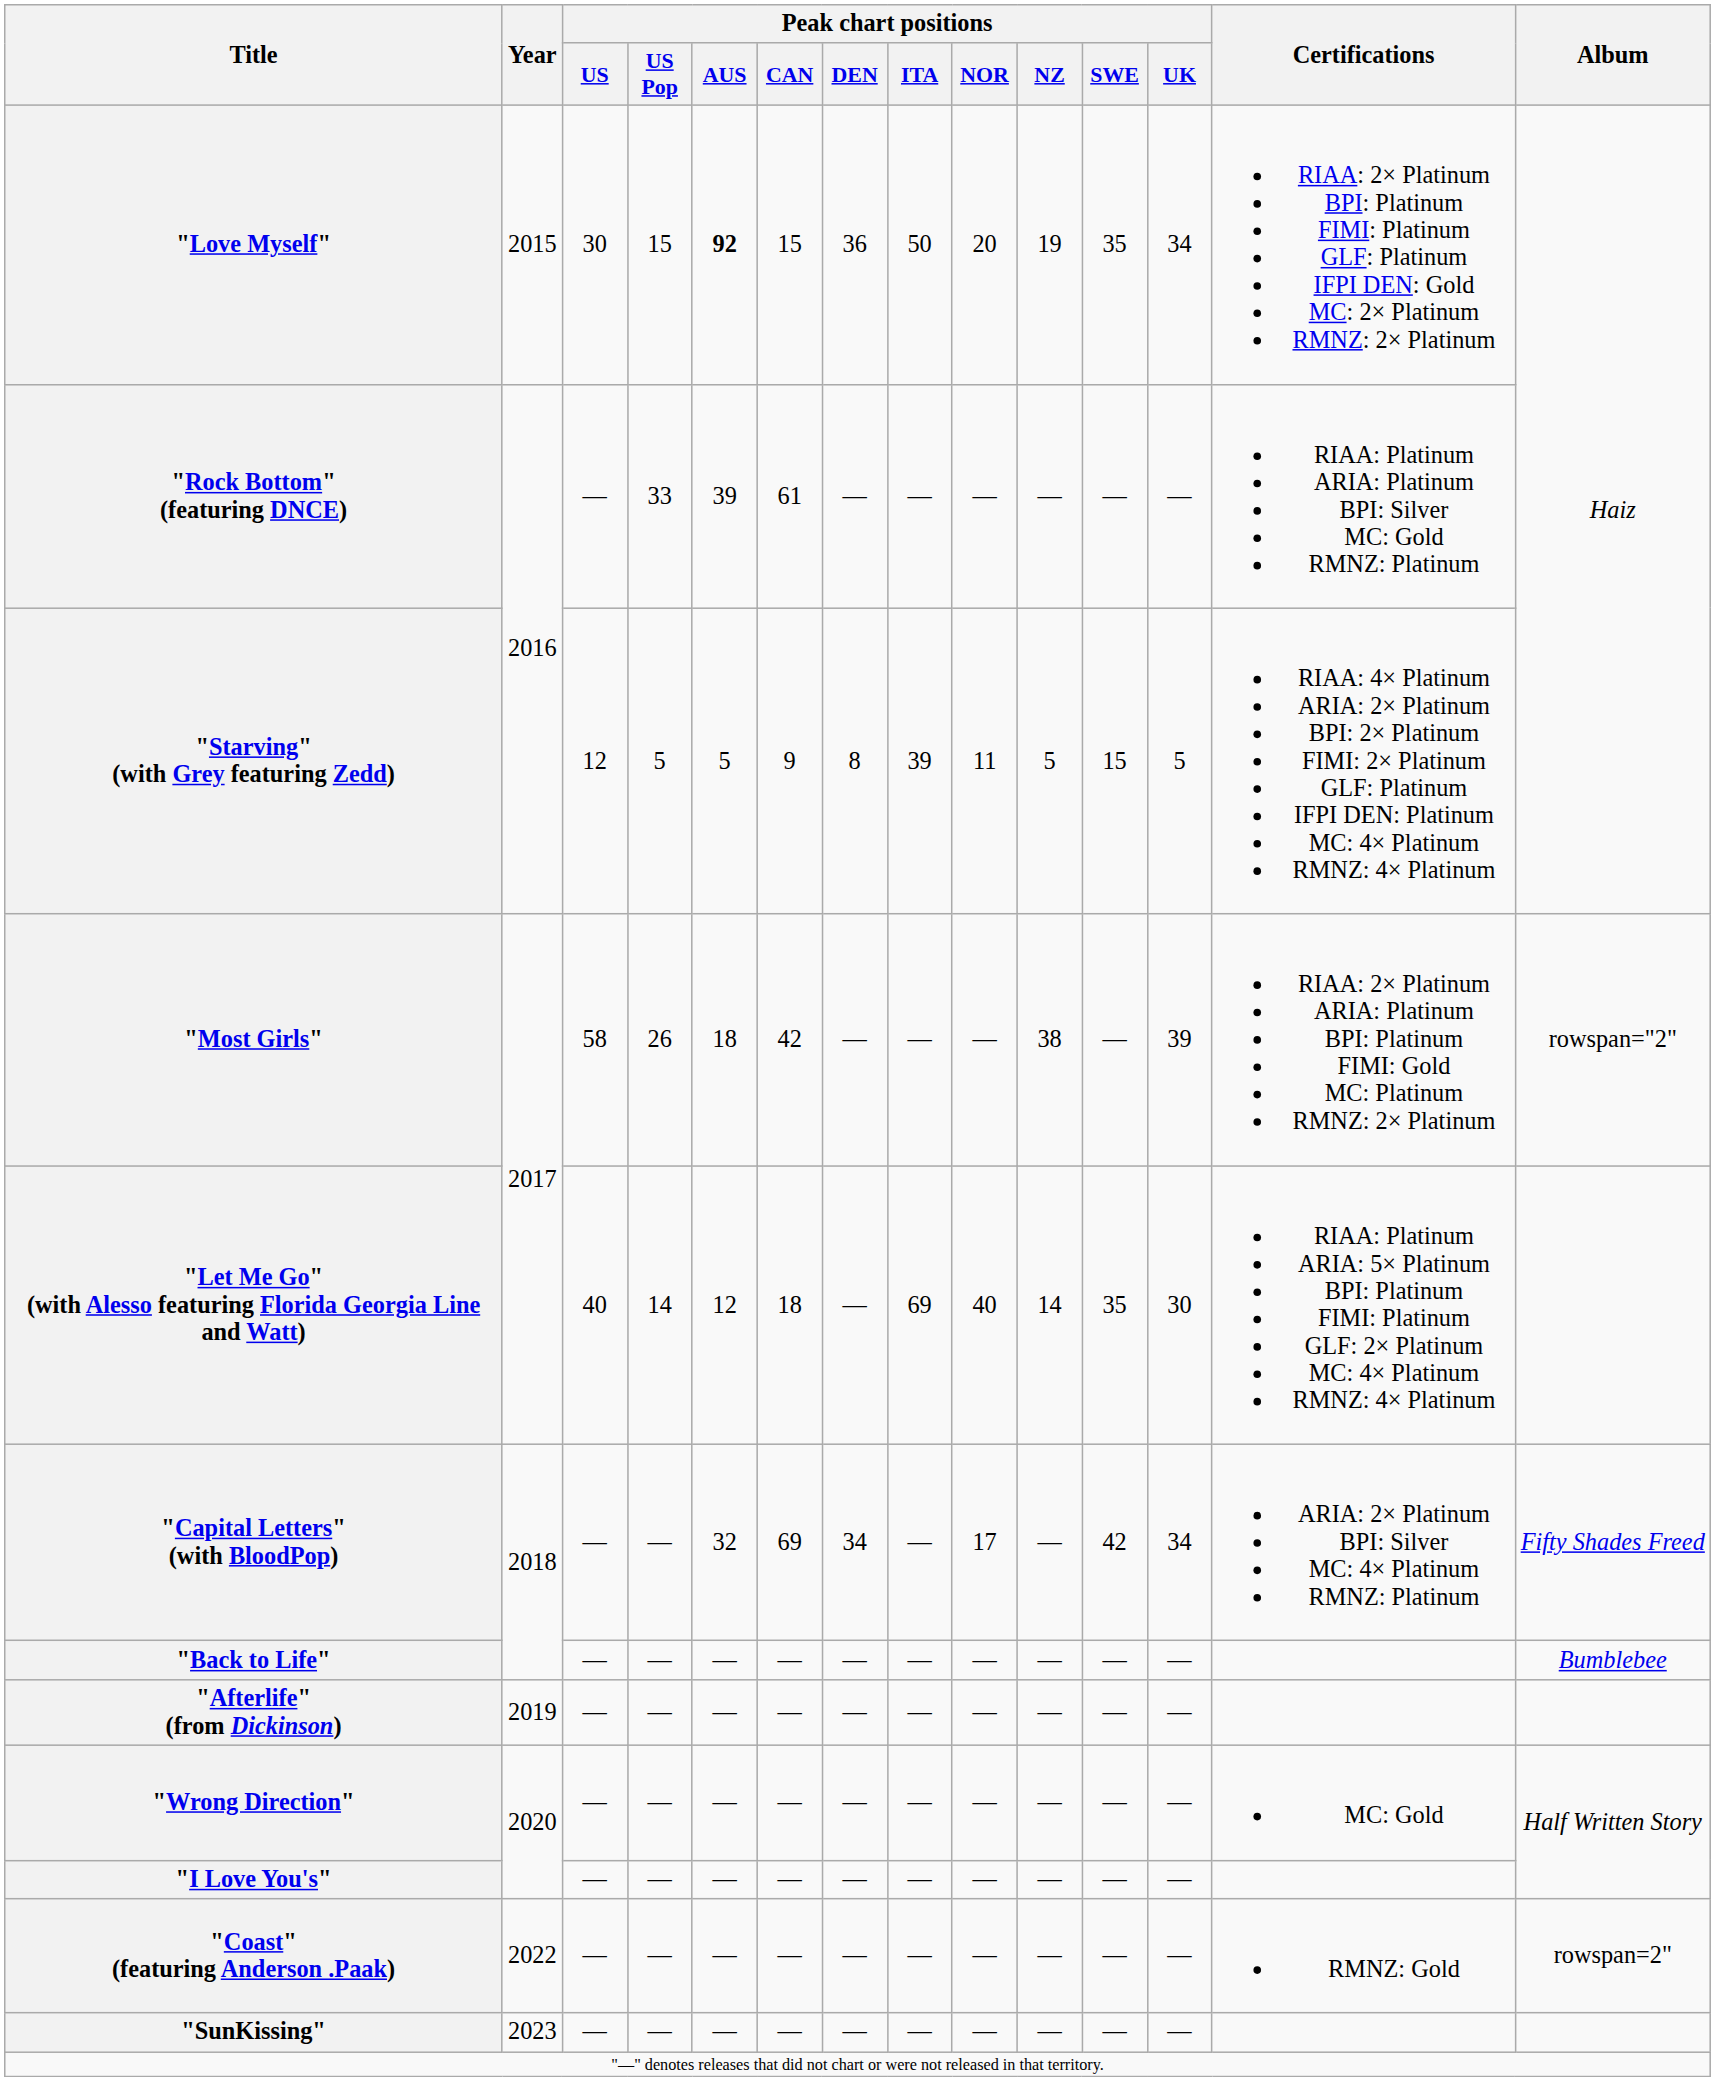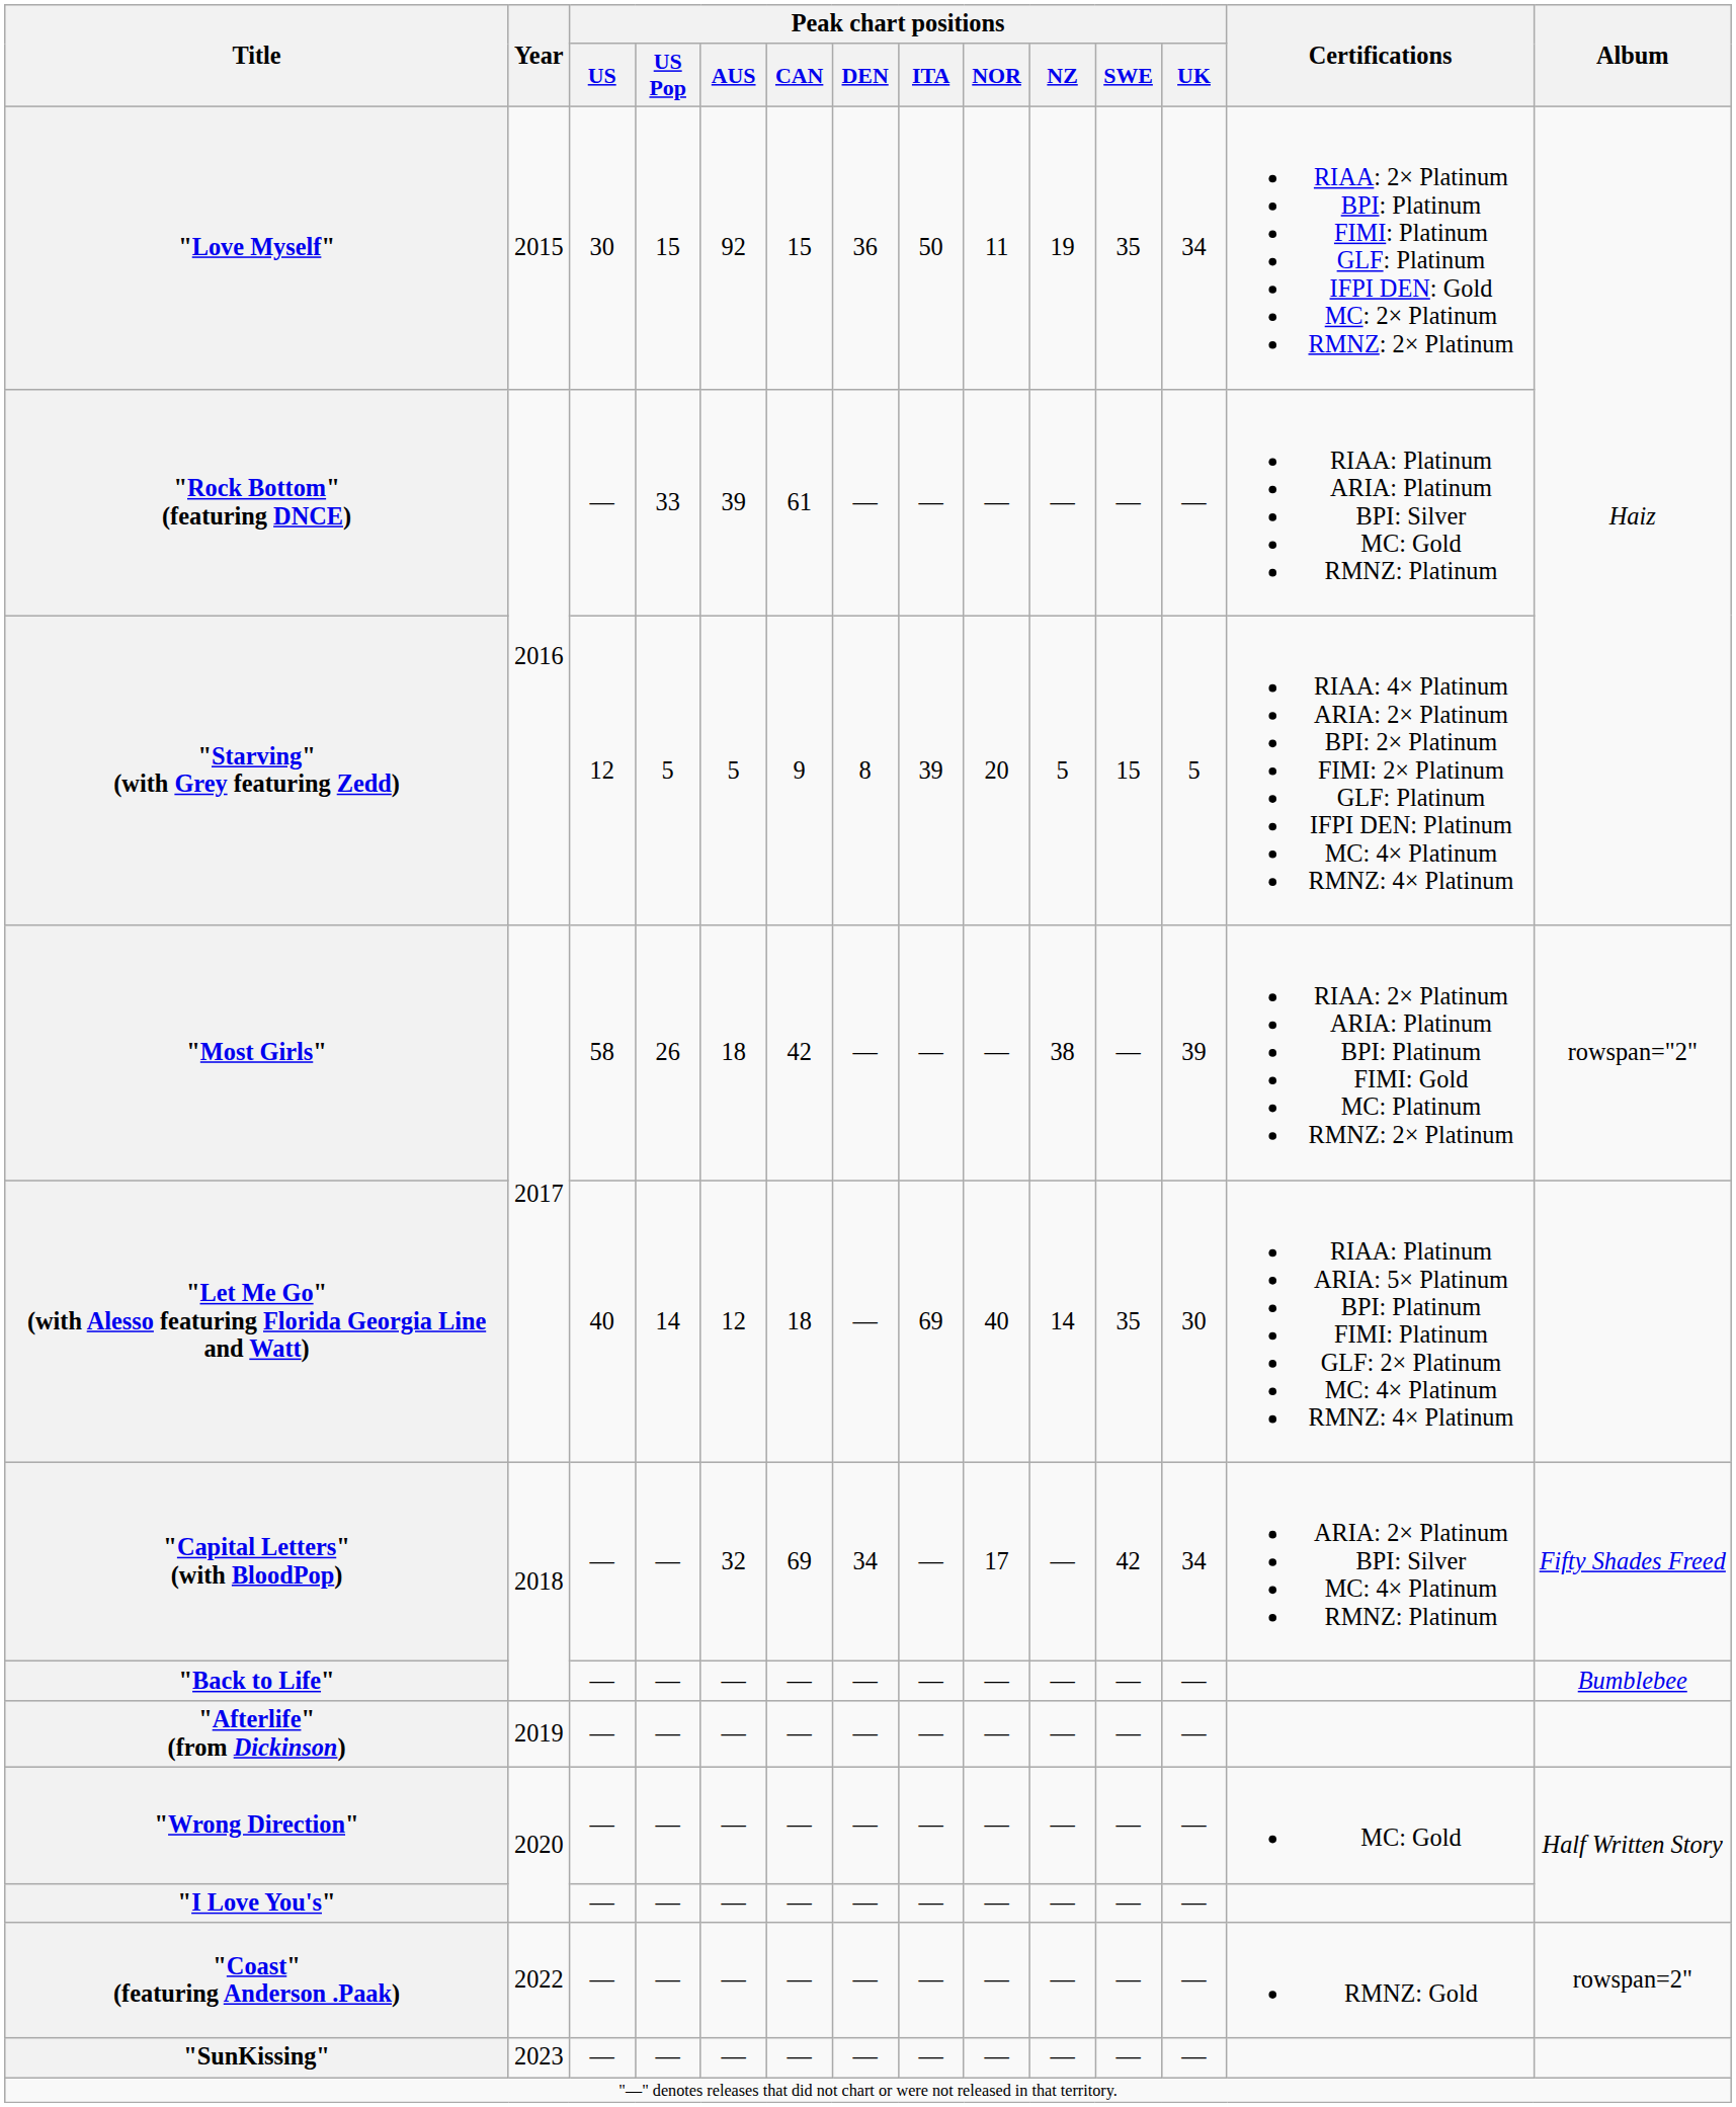 <table class="wikitable plainrowheaders" style="text-align:center;">
 <tr>
 <th scope="col" rowspan="2" style="width:20em;">Title</th>
 <th scope="col" rowspan="2">Year</th>
 <th scope="col" colspan="10">Peak chart positions</th>
 <th scope="col" rowspan="2" style="width:12em;">Certifications</th>
 <th scope="col" rowspan="2">Album</th>
 </tr>
 <tr>
 <th scope="col" style="width:2.5em;font-size:90%;"><a href='#'>US</a><br></th>
 <th scope="col" style="width:2.5em;font-size:90%;"><a href='#'>US<br>Pop</a><br></th>
 <th scope="col" style="width:2.5em;font-size:90%;"><a href='#'>AUS</a><br></th>
 <th scope="col" style="width:2.5em;font-size:90%;"><a href='#'>CAN</a><br></th>
 <th scope="col" style="width:2.5em;font-size:90%;"><a href='#'>DEN</a><br></th>
 <th scope="col" style="width:2.5em;font-size:90%;"><a href='#'>ITA</a><br></th>
 <th scope="col" style="width:2.5em;font-size:90%;"><a href='#'>NOR</a><br></th>
 <th scope="col" style="width:2.5em;font-size:90%;"><a href='#'>NZ</a><br></th>
 <th scope="col" style="width:2.5em;font-size:90%;"><a href='#'>SWE</a><br></th>
 <th scope="col" style="width:2.5em;font-size:90%;"><a href='#'>UK</a><br></th>
 </tr>
 <tr>
 <th scope="row">"<a href='#'>Love Myself</a>"</th>
 <td>2015</td>
 <td>30</td>
 <td>15</td>
-<td><strong>92</strong></td>
+<td>92</td>
 <td>15</td>
 <td>36</td>
 <td>50</td>
-<td>20</td>
+<td>11</td>
 <td>19</td>
 <td>35</td>
 <td>34</td>
 <td><br><ul><li><a href='#'>RIAA</a>: 2× Platinum</li><li><a href='#'>BPI</a>: Platinum</li><li><a href='#'>FIMI</a>: Platinum</li><li><a href='#'>GLF</a>: Platinum</li><li><a href='#'>IFPI DEN</a>: Gold</li><li><a href='#'>MC</a>: 2× Platinum</li><li><a href='#'>RMNZ</a>: 2× Platinum</li></ul></td>
 <td rowspan="3"><em>Haiz</em></td>
 </tr>
 <tr>
 <th scope="row">"<a href='#'>Rock Bottom</a>"<br><span>(featuring <a href='#'>DNCE</a>)</span></th>
 <td rowspan="2">2016</td>
 <td>—</td>
 <td>33</td>
 <td>39</td>
 <td>61</td>
 <td>—</td>
 <td>—</td>
 <td>—</td>
 <td>—</td>
 <td>—</td>
 <td>—</td>
 <td><br><ul><li>RIAA: Platinum</li><li>ARIA: Platinum</li><li>BPI: Silver</li><li>MC: Gold</li><li>RMNZ: Platinum</li></ul></td>
 </tr>
 <tr>
 <th scope="row">"<a href='#'>Starving</a>" <br><span>(with <a href='#'>Grey</a> featuring <a href='#'>Zedd</a>)</span></th>
 <td>12</td>
 <td>5</td>
 <td>5</td>
 <td>9</td>
 <td>8</td>
 <td>39</td>
-<td>11</td>
+<td>20</td>
 <td>5</td>
 <td>15</td>
 <td>5</td>
 <td><br><ul><li>RIAA: 4× Platinum</li><li>ARIA: 2× Platinum</li><li>BPI: 2× Platinum</li><li>FIMI: 2× Platinum</li><li>GLF: Platinum</li><li>IFPI DEN: Platinum</li><li>MC: 4× Platinum</li><li>RMNZ: 4× Platinum</li></ul></td>
 </tr>
 <tr>
 <th scope="row">"<a href='#'>Most Girls</a>"</th>
 <td rowspan="2">2017</td>
 <td>58</td>
 <td>26</td>
 <td>18</td>
 <td>42</td>
 <td>—</td>
 <td>—</td>
 <td>—</td>
 <td>38</td>
 <td>—</td>
 <td>39</td>
 <td><br><ul><li>RIAA: 2× Platinum</li><li>ARIA: Platinum</li><li>BPI: Platinum</li><li>FIMI: Gold</li><li>MC: Platinum</li><li>RMNZ: 2× Platinum</li></ul></td>
 <td>rowspan="2" </td>
 </tr>
 <tr>
 <th scope="row">"<a href='#'>Let Me Go</a>"<br><span>(with <a href='#'>Alesso</a> featuring <a href='#'>Florida Georgia Line</a> and <a href='#'>Watt</a>)</span></th>
 <td>40</td>
 <td>14</td>
 <td>12</td>
 <td>18</td>
 <td>—</td>
 <td>69</td>
 <td>40</td>
 <td>14</td>
 <td>35</td>
 <td>30</td>
 <td><br><ul><li>RIAA: Platinum</li><li>ARIA: 5× Platinum</li><li>BPI: Platinum</li><li>FIMI: Platinum</li><li>GLF: 2× Platinum</li><li>MC: 4× Platinum</li><li>RMNZ: 4× Platinum</li></ul></td>
 </tr>
 <tr>
 <th scope="row">"<a href='#'>Capital Letters</a>"<br><span>(with <a href='#'>BloodPop</a>)</span></th>
 <td rowspan="2">2018</td>
 <td>—</td>
 <td>—</td>
 <td>32</td>
 <td>69</td>
 <td>34</td>
 <td>—</td>
 <td>17</td>
 <td>—</td>
 <td>42</td>
 <td>34</td>
 <td><br><ul><li>ARIA: 2× Platinum</li><li>BPI: Silver</li><li>MC: 4× Platinum</li><li>RMNZ: Platinum</li></ul></td>
 <td><em><a href='#'>Fifty Shades Freed</a></em></td>
 </tr>
 <tr>
 <th scope="row">"<a href='#'>Back to Life</a>"</th>
 <td>—</td>
 <td>—</td>
 <td>—</td>
 <td>—</td>
 <td>—</td>
 <td>—</td>
 <td>—</td>
 <td>—</td>
 <td>—</td>
 <td>—</td>
 <td></td>
 <td><em><a href='#'>Bumblebee</a></em></td>
 </tr>
 <tr>
 <th scope="row">"<a href='#'>Afterlife</a>"<br><span>(from <em><a href='#'>Dickinson</a></em>)</span></th>
 <td>2019</td>
 <td>—</td>
 <td>—</td>
 <td>—</td>
 <td>—</td>
 <td>—</td>
 <td>—</td>
 <td>—</td>
 <td>—</td>
 <td>—</td>
 <td>—</td>
 <td></td>
 <td></td>
 </tr>
 <tr>
 <th scope="row">"<a href='#'>Wrong Direction</a>"</th>
 <td rowspan="2">2020</td>
 <td>—</td>
 <td>—</td>
 <td>—</td>
 <td>—</td>
 <td>—</td>
 <td>—</td>
 <td>—</td>
 <td>—</td>
 <td>—</td>
 <td>—</td>
 <td><br><ul><li>MC: Gold</li></ul></td>
 <td rowspan="2"><em>Half Written Story</em></td>
 </tr>
 <tr>
 <th scope="row">"<a href='#'>I Love You's</a>"</th>
 <td>—</td>
 <td>—</td>
 <td>—</td>
 <td>—</td>
 <td>—</td>
 <td>—</td>
 <td>—</td>
 <td>—</td>
 <td>—</td>
 <td>—</td>
 <td></td>
 </tr>
 <tr>
 <th scope="row">"<a href='#'>Coast</a>"<br><span>(featuring <a href='#'>Anderson .Paak</a>)</span></th>
 <td>2022</td>
 <td>—</td>
 <td>—</td>
 <td>—</td>
 <td>—</td>
 <td>—</td>
 <td>—</td>
 <td>—</td>
 <td>—</td>
 <td>—</td>
 <td>—</td>
 <td><br><ul><li>RMNZ: Gold</li></ul></td>
 <td>rowspan=2" </td>
 </tr>
 <tr>
 <th scope="row">"SunKissing"</th>
 <td>2023</td>
 <td>—</td>
 <td>—</td>
 <td>—</td>
 <td>—</td>
 <td>—</td>
 <td>—</td>
 <td>—</td>
 <td>—</td>
 <td>—</td>
 <td>—</td>
 <td></td>
 </tr>
 <tr>
 <td align="center" colspan="15" style="font-size:8pt">"—" denotes releases that did not chart or were not released in that territory.</td>
 </tr>
 </table>
